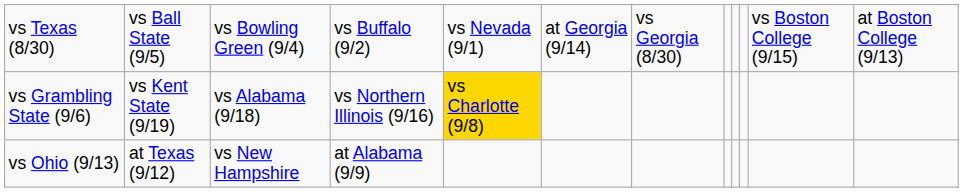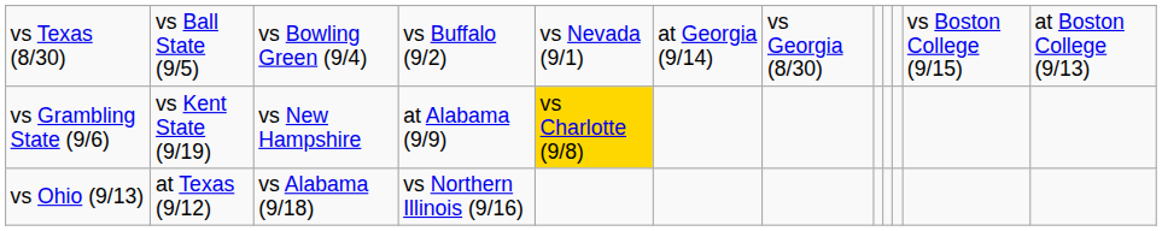 <table class="wikitable">
 <tr>
 <td>vs <a href='#'>Texas</a> (8/30)</td>
 <td>vs <a href='#'>Ball State</a> (9/5)</td>
 <td>vs <a href='#'>Bowling Green</a> (9/4)</td>
 <td>vs <a href='#'>Buffalo</a> (9/2)</td>
 <td>vs <a href='#'>Nevada</a> (9/1)</td>
 <td>at <a href='#'>Georgia</a> (9/14)</td>
 <td>vs <a href='#'>Georgia</a> (8/30)</td>
 <td></td>
 <td></td>
 <td></td>
 <td>vs <a href='#'>Boston College</a> (9/15)</td>
 <td>at <a href='#'>Boston College</a> (9/13)</td>
 </tr>
 <tr>
 <td>vs <a href='#'> Grambling State</a> (9/6)</td>
 <td>vs <a href='#'>Kent State</a> (9/19)</td>
-<td>vs <a href='#'>Alabama</a> (9/18)</td>
-<td>vs <a href='#'>Northern Illinois</a> (9/16)</td>
+<td>vs <a href='#'>New Hampshire</a></td>
+<td>at <a href='#'>Alabama</a> (9/9)</td>
 <td style="background: gold;">vs <a href='#'>Charlotte</a> (9/8)</td>
 <td></td>
 <td></td>
 <td></td>
 <td></td>
 <td></td>
 <td></td>
 <td></td>
 </tr>
 <tr>
 <td>vs <a href='#'>Ohio</a> (9/13)</td>
 <td>at <a href='#'>Texas</a> (9/12)</td>
-<td>vs <a href='#'>New Hampshire</a></td>
-<td>at <a href='#'>Alabama</a> (9/9)</td>
+<td>vs <a href='#'>Alabama</a> (9/18)</td>
+<td>vs <a href='#'>Northern Illinois</a> (9/16)</td>
 <td></td>
 <td></td>
 <td></td>
 <td></td>
 <td></td>
 <td></td>
 <td></td>
 <td></td>
 </tr>
 </table>
